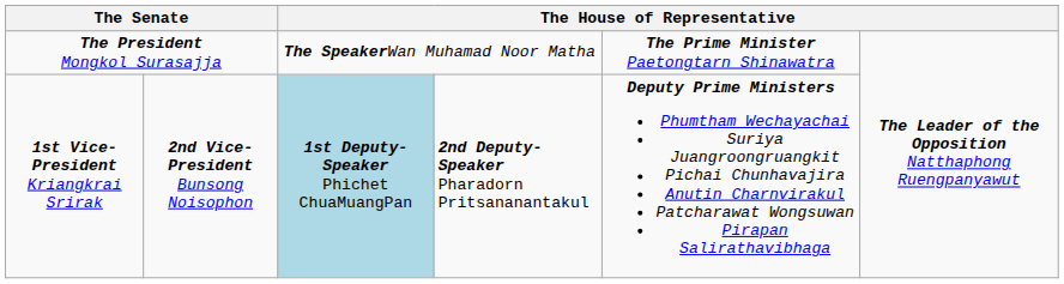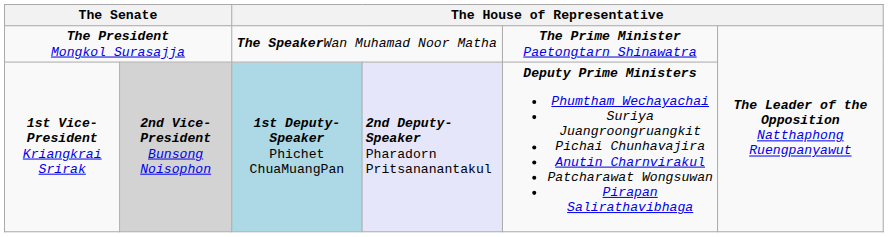 <table class="wikitable">
 <tr>
 <th colspan="2" align="center">The Senate</th>
 <th colspan="4" align="center">The House of Representative</th>
 </tr>
 <tr>
 <td colspan="2" align="center"><strong><em>The President</em></strong><br><em><a href='#'>Mongkol Surasajja</a></em></td>
 <td colspan="2" align="center"><strong><em>The Speaker</em></strong><em>Wan Muhamad Noor Matha</em></td>
 <td align="center"><strong><em>The Prime Minister</em></strong><br><em><a href='#'>Paetongtarn Shinawatra</a></em></td>
 <td rowspan="2" align="center"><strong><em>The Leader of the Opposition</em></strong><br><em><a href='#'>Natthaphong Ruengpanyawut</a></em></td>
 </tr>
 <tr>
 <td align="center"><strong><em>1st Vice-President</em></strong><br><em><a href='#'>Kriangkrai Srirak</a></em></td>
-<td align="center"><strong><em>2nd Vice-President</em></strong><br><em><a href='#'>Bunsong Noisophon</a></em></td>
+<td align="center" style="background: lightgrey;"><strong><em>2nd Vice-President</em></strong><br><em><a href='#'>Bunsong Noisophon</a></em></td>
 <td align="center" style="background: lightblue;"><strong><em>1st Deputy-Speaker</em></strong><br>Phichet ChuaMuangPan</td>
-<td><strong><em>2nd Deputy-Speaker</em></strong><br>Pharadorn<br>Pritsananantakul</td>
+<td style="background: lavender;"><strong><em>2nd Deputy-Speaker</em></strong><br>Pharadorn<br>Pritsananantakul</td>
 <td align="center"><strong><em>Deputy Prime Ministers</em></strong><br><ul><li><em><a href='#'>Phumtham Wechayachai</a></em></li><li><em>Suriya Juangroongruangkit</em></li><li><em>Pichai Chunhavajira</em></li><li><em><a href='#'>Anutin Charnvirakul</a></em></li><li><em>Patcharawat Wongsuwan</em></li><li><em><a href='#'>Pirapan Salirathavibhaga</a></em></li></ul></td>
 </tr>
 </table>
